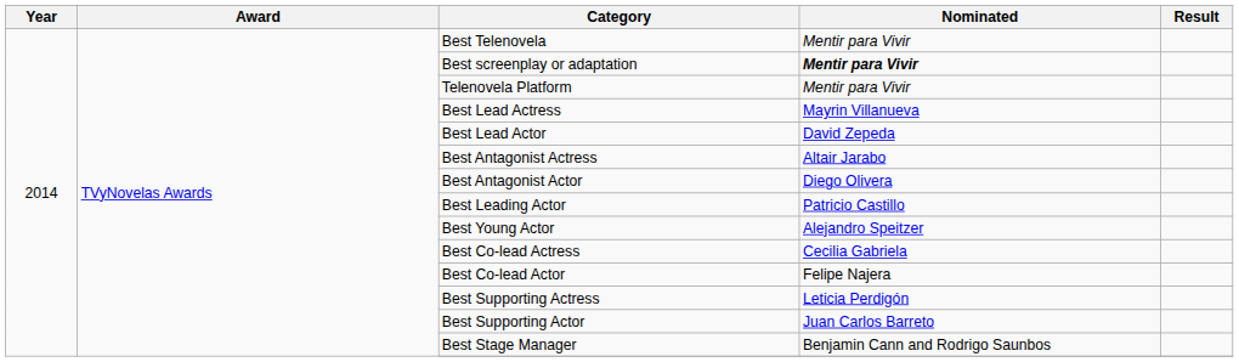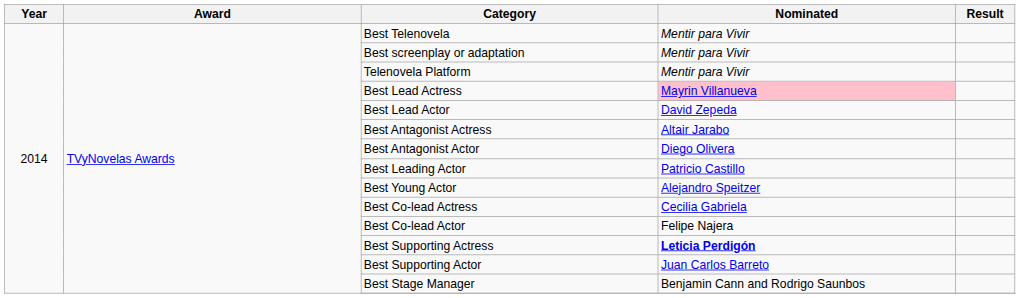 <table class="wikitable" width="100%" cellpadding="5" style="font-size: 95%">
 <tr>
 <th width="5%">Year</th>
 <th width="25%">Award</th>
 <th width="25%">Category</th>
 <th width="25%">Nominated</th>
 <th width="5%">Result</th>
 </tr>
 <tr>
 <td rowspan=15 style="text-align:center;">2014</td>
 <td rowspan=15><a href='#'>TVyNovelas Awards</a></td>
 <td>Best Telenovela</td>
 <td><em>Mentir para Vivir</em></td>
 <td></td>
 </tr>
 <tr>
 <td>Best screenplay or adaptation</td>
-<td><strong><em>Mentir para Vivir</em></strong></td>
+<td><em>Mentir para Vivir</em></td>
 <td></td>
 </tr>
 <tr>
 <td>Telenovela Platform</td>
 <td><em>Mentir para Vivir</em></td>
 <td></td>
 </tr>
 <tr>
 <td>Best Lead Actress</td>
-<td><a href='#'>Mayrin Villanueva</a></td>
+<td style="background: pink;"><a href='#'>Mayrin Villanueva</a></td>
 <td></td>
 </tr>
 <tr>
 <td>Best Lead Actor</td>
 <td><a href='#'>David Zepeda</a></td>
 <td></td>
 </tr>
 <tr>
 <td>Best Antagonist Actress</td>
 <td><a href='#'>Altair Jarabo</a></td>
 <td></td>
 </tr>
 <tr>
 <td>Best Antagonist Actor</td>
 <td><a href='#'>Diego Olivera</a></td>
 <td></td>
 </tr>
 <tr>
 <td>Best Leading Actor</td>
 <td><a href='#'>Patricio Castillo</a></td>
 <td></td>
 </tr>
 <tr>
 <td>Best Young Actor</td>
 <td><a href='#'>Alejandro Speitzer</a></td>
 <td></td>
 </tr>
 <tr>
 <td>Best Co-lead Actress</td>
 <td><a href='#'>Cecilia Gabriela</a></td>
 <td></td>
 </tr>
 <tr>
 <td>Best Co-lead Actor</td>
 <td>Felipe Najera</td>
 <td></td>
 </tr>
 <tr>
 <td>Best Supporting Actress</td>
-<td><a href='#'>Leticia Perdigón</a></td>
+<td><strong><a href='#'>Leticia Perdigón</a></strong></td>
 <td></td>
 </tr>
 <tr>
 <td>Best Supporting Actor</td>
 <td><a href='#'>Juan Carlos Barreto</a></td>
 <td></td>
 </tr>
 <tr>
 <td>Best Stage Manager</td>
 <td>Benjamin Cann and Rodrigo Saunbos</td>
 <td></td>
 </tr>
 <tr>
 </tr>
 </table>
